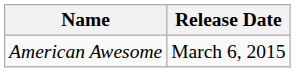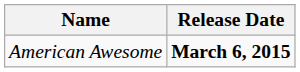 <table class="wikitable" style="text-align:center;">
 <tr>
 <th>Name</th>
 <th>Release Date</th>
 </tr>
 <tr>
 <td><em>American Awesome</em></td>
-<td>March 6, 2015</td>
+<td><strong>March 6, 2015</strong></td>
 </tr>
 </table>
